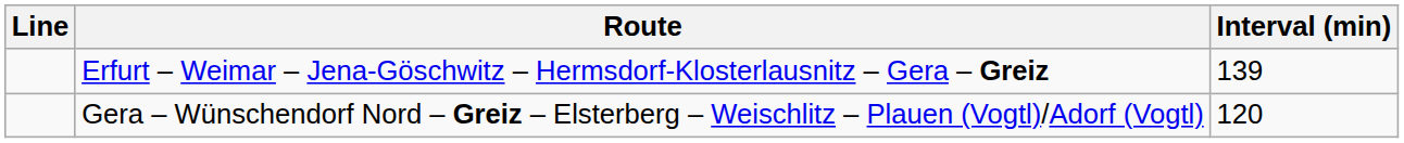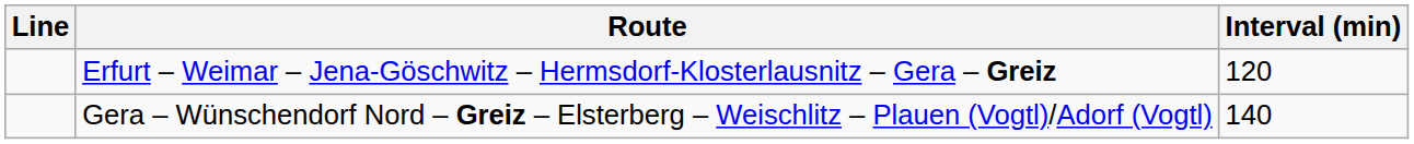 <table class="wikitable">
 <tr>
 <th>Line</th>
 <th>Route</th>
 <th>Interval (min)</th>
 </tr>
 <tr>
 <td align="center"></td>
 <td><a href='#'>Erfurt</a> – <a href='#'>Weimar</a> – <a href='#'>Jena-Göschwitz</a> – <a href='#'>Hermsdorf-Klosterlausnitz</a> – <a href='#'>Gera</a> – <strong>Greiz</strong></td>
-<td>139</td>
+<td>120</td>
 </tr>
 <tr>
 <td align="center"></td>
 <td>Gera – Wünschendorf Nord – <strong>Greiz</strong> – Elsterberg – <a href='#'>Weischlitz</a> – <a href='#'>Plauen (Vogtl)</a>/<a href='#'>Adorf (Vogtl)</a></td>
-<td>120</td>
+<td>140</td>
 </tr>
 </table>
